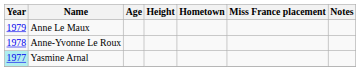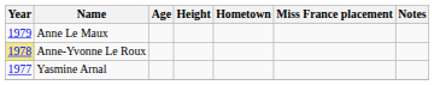 <table class="wikitable sortable">
 <tr>
 <th>Year</th>
 <th>Name</th>
 <th>Age</th>
 <th>Height</th>
 <th>Hometown</th>
 <th>Miss France placement</th>
 <th>Notes</th>
 </tr>
 <tr>
 <td><a href='#'>1979</a></td>
 <td>Anne Le Maux</td>
 <td></td>
 <td></td>
 <td></td>
 <td></td>
 <td></td>
 </tr>
 <tr>
-<td><a href='#'>1978</a></td>
+<td style="background: khaki;"><a href='#'>1978</a></td>
 <td>Anne-Yvonne Le Roux</td>
 <td></td>
 <td></td>
 <td></td>
 <td></td>
 <td></td>
 </tr>
 <tr>
-<td style="background: paleturquoise;"><a href='#'>1977</a></td>
+<td><a href='#'>1977</a></td>
 <td>Yasmine Arnal</td>
 <td></td>
 <td></td>
 <td></td>
 <td></td>
 <td></td>
 </tr>
 <tr>
 </tr>
 </table>
